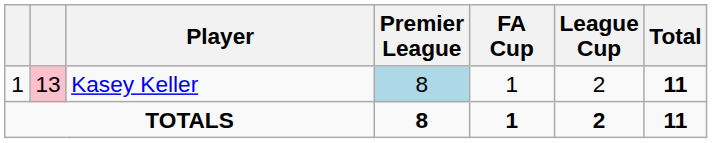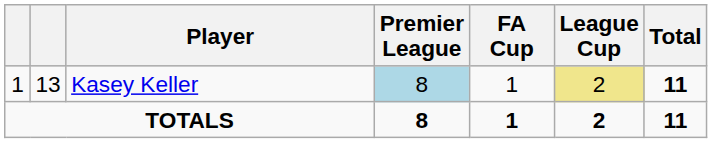 <table class="wikitable sortable" style="font-size: 95%; text-align: center;">
 <tr>
 <th width=10></th>
 <th width=10></th>
 <th width=200>Player</th>
 <th width=50>Premier League</th>
 <th width=50>FA Cup</th>
 <th width=50>League Cup</th>
 <th>Total</th>
 </tr>
 <tr>
 <td>1</td>
-<td style="background: pink;">13</td>
+<td>13</td>
 <td align="left"> <a href='#'>Kasey Keller</a></td>
 <td style="background: lightblue;">8</td>
 <td>1</td>
-<td>2</td>
+<td style="background: khaki;">2</td>
 <td><strong>11</strong></td>
 </tr>
 <tr>
 <td colspan="3"><strong>TOTALS</strong></td>
 <td><strong>8</strong></td>
 <td><strong>1</strong></td>
 <td><strong>2</strong></td>
 <td><strong>11</strong></td>
 </tr>
 </table>
